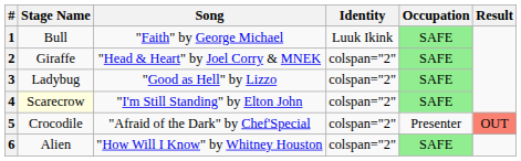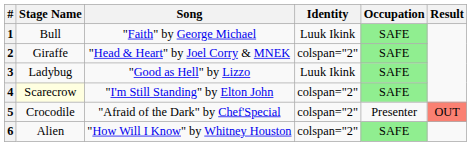 <table class="wikitable plainrowheaders" style="text-align: center;">
 <tr>
 <th>#</th>
 <th><strong>Stage Name</strong></th>
 <th><strong>Song</strong></th>
 <th>Identity</th>
 <th><strong>Occupation</strong></th>
 <th>Result</th>
 </tr>
 <tr>
 <th>1</th>
 <td>Bull</td>
 <td>"<a href='#'>Faith</a>" by <a href='#'>George Michael</a></td>
 <td>Luuk Ikink</td>
 <td bgcolor="lightgreen">SAFE</td>
 </tr>
 <tr>
 <th>2</th>
 <td>Giraffe</td>
 <td>"<a href='#'>Head & Heart</a>" by <a href='#'>Joel Corry</a> & <a href='#'>MNEK</a></td>
 <td>colspan="2" </td>
 <td bgcolor="lightgreen">SAFE</td>
 </tr>
 <tr>
 <th>3</th>
 <td>Ladybug</td>
 <td>"<a href='#'>Good as Hell</a>" by <a href='#'>Lizzo</a></td>
-<td>colspan="2" </td>
+<td>Luuk Ikink</td>
 <td bgcolor="lightgreen">SAFE</td>
 </tr>
 <tr>
 <th>4</th>
 <td style="background: lightyellow;">Scarecrow</td>
 <td>"<a href='#'>I'm Still Standing</a>" by <a href='#'>Elton John</a></td>
 <td>colspan="2" </td>
 <td bgcolor="lightgreen">SAFE</td>
 </tr>
 <tr>
 <th>5</th>
 <td>Crocodile</td>
 <td>"Afraid of the Dark" by <a href='#'>Chef'Special</a></td>
 <td>colspan="2" </td>
 <td>Presenter</td>
 <td bgcolor=salmon>OUT</td>
 </tr>
 <tr>
 <th>6</th>
 <td>Alien</td>
 <td>"<a href='#'>How Will I Know</a>" by <a href='#'>Whitney Houston</a></td>
 <td>colspan="2" </td>
 <td bgcolor="lightgreen">SAFE</td>
 </tr>
 </table>
